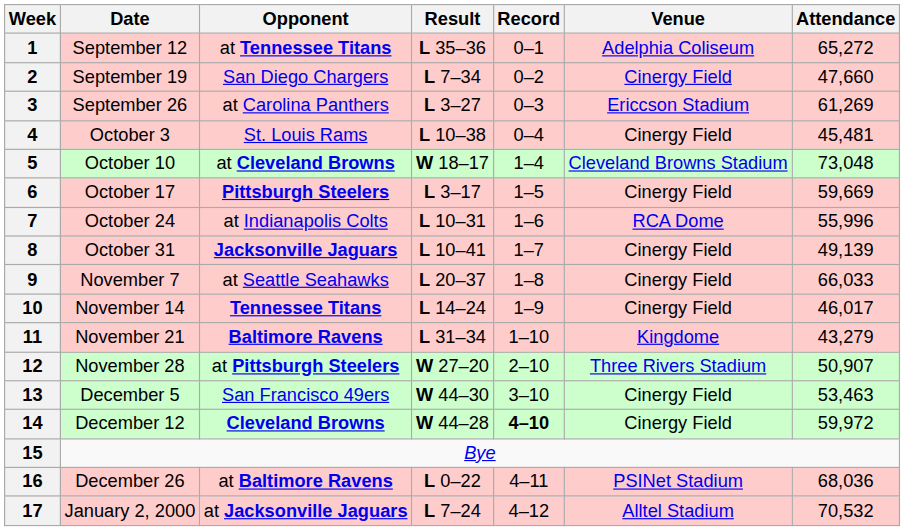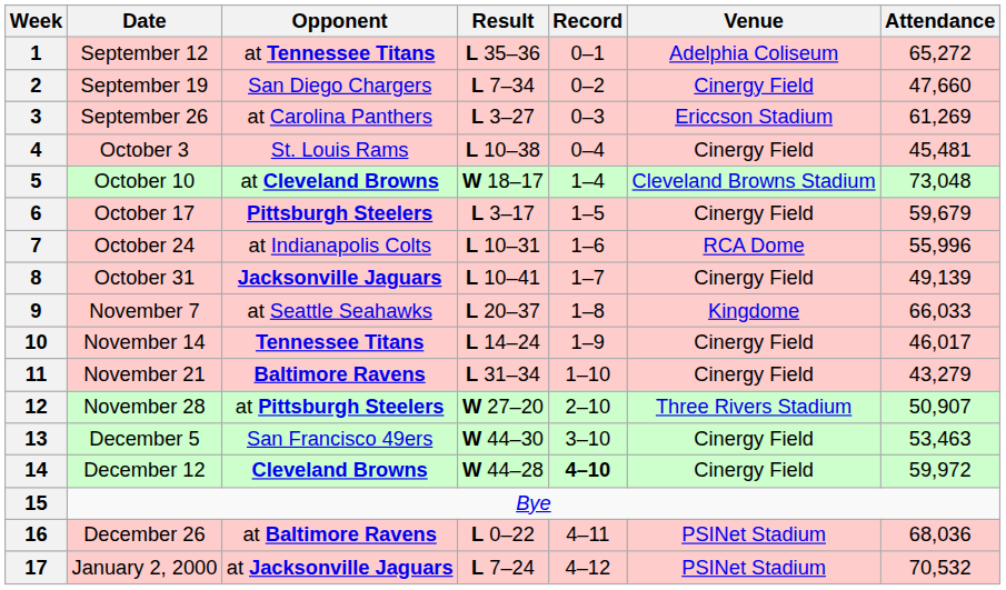 <table class="wikitable" style="text-align:center">
 <tr>
 <th>Week</th>
 <th>Date</th>
 <th>Opponent</th>
 <th>Result</th>
 <th>Record</th>
 <th>Venue</th>
 <th>Attendance</th>
 </tr>
 <tr style="background:#fcc">
 <th>1</th>
 <td>September 12</td>
 <td>at <strong><a href='#'>Tennessee Titans</a></strong></td>
 <td><strong>L</strong> 35–36</td>
 <td>0–1</td>
 <td><a href='#'>Adelphia Coliseum</a></td>
 <td>65,272</td>
 </tr>
 <tr style="background:#fcc">
 <th>2</th>
 <td>September 19</td>
 <td><a href='#'>San Diego Chargers</a></td>
 <td><strong>L</strong> 7–34</td>
 <td>0–2</td>
 <td><a href='#'>Cinergy Field</a></td>
 <td>47,660</td>
 </tr>
 <tr style="background:#fcc">
 <th>3</th>
 <td>September 26</td>
 <td>at <a href='#'>Carolina Panthers</a></td>
 <td><strong>L</strong> 3–27</td>
 <td>0–3</td>
 <td><a href='#'>Ericcson Stadium</a></td>
 <td>61,269</td>
 </tr>
 <tr style="background:#fcc">
 <th>4</th>
 <td>October 3</td>
 <td><a href='#'>St. Louis Rams</a></td>
 <td><strong>L</strong> 10–38</td>
 <td>0–4</td>
 <td>Cinergy Field</td>
 <td>45,481</td>
 </tr>
 <tr style="background:#cfc">
 <th>5</th>
 <td>October 10</td>
 <td>at <strong><a href='#'>Cleveland Browns</a></strong></td>
 <td><strong>W</strong> 18–17</td>
 <td>1–4</td>
 <td><a href='#'>Cleveland Browns Stadium</a></td>
 <td>73,048</td>
 </tr>
 <tr style="background:#fcc">
 <th>6</th>
 <td>October 17</td>
 <td><strong><a href='#'>Pittsburgh Steelers</a></strong></td>
 <td><strong>L</strong> 3–17</td>
 <td>1–5</td>
 <td>Cinergy Field</td>
-<td>59,669</td>
+<td>59,679</td>
 </tr>
 <tr style="background:#fcc">
 <th>7</th>
 <td>October 24</td>
 <td>at <a href='#'>Indianapolis Colts</a></td>
 <td><strong>L</strong> 10–31</td>
 <td>1–6</td>
 <td><a href='#'>RCA Dome</a></td>
 <td>55,996</td>
 </tr>
 <tr style="background:#fcc">
 <th>8</th>
 <td>October 31</td>
 <td><strong><a href='#'>Jacksonville Jaguars</a></strong></td>
 <td><strong>L</strong> 10–41</td>
 <td>1–7</td>
 <td>Cinergy Field</td>
 <td>49,139</td>
 </tr>
 <tr style="background:#fcc">
 <th>9</th>
 <td>November 7</td>
 <td>at <a href='#'>Seattle Seahawks</a></td>
 <td><strong>L</strong> 20–37</td>
 <td>1–8</td>
-<td>Cinergy Field</td>
+<td><a href='#'>Kingdome</a></td>
 <td>66,033</td>
 </tr>
 <tr style="background:#fcc">
 <th>10</th>
 <td>November 14</td>
 <td><strong><a href='#'>Tennessee Titans</a></strong></td>
 <td><strong>L</strong> 14–24</td>
 <td>1–9</td>
 <td>Cinergy Field</td>
 <td>46,017</td>
 </tr>
 <tr style="background:#fcc">
 <th>11</th>
 <td>November 21</td>
 <td><strong><a href='#'>Baltimore Ravens</a></strong></td>
 <td><strong>L</strong> 31–34</td>
 <td>1–10</td>
-<td><a href='#'>Kingdome</a></td>
+<td>Cinergy Field</td>
 <td>43,279</td>
 </tr>
 <tr style="background:#cfc">
 <th>12</th>
 <td>November 28</td>
 <td>at <strong><a href='#'>Pittsburgh Steelers</a></strong></td>
 <td><strong>W</strong> 27–20</td>
 <td>2–10</td>
 <td><a href='#'>Three Rivers Stadium</a></td>
 <td>50,907</td>
 </tr>
 <tr style="background:#cfc">
 <th>13</th>
 <td>December 5</td>
 <td><a href='#'>San Francisco 49ers</a></td>
 <td><strong>W</strong> 44–30</td>
 <td>3–10</td>
 <td>Cinergy Field</td>
 <td>53,463</td>
 </tr>
 <tr style="background:#cfc">
 <th>14</th>
 <td>December 12</td>
 <td><strong><a href='#'>Cleveland Browns</a></strong></td>
 <td><strong>W</strong> 44–28</td>
 <td><strong>4–10</strong></td>
 <td>Cinergy Field</td>
 <td>59,972</td>
 </tr>
 <tr>
 <th>15</th>
 <td colspan=6 align="center"><em><a href='#'>Bye</a></em></td>
 </tr>
 <tr style="background:#fcc">
 <th>16</th>
 <td>December 26</td>
 <td>at <strong><a href='#'>Baltimore Ravens</a></strong></td>
 <td><strong>L</strong> 0–22</td>
 <td>4–11</td>
 <td><a href='#'>PSINet Stadium</a></td>
 <td>68,036</td>
 </tr>
 <tr style="background:#fcc">
 <th>17</th>
 <td>January 2, 2000</td>
 <td>at <strong><a href='#'>Jacksonville Jaguars</a></strong></td>
 <td><strong>L</strong> 7–24</td>
 <td>4–12</td>
-<td><a href='#'>Alltel Stadium</a></td>
+<td><a href='#'>PSINet Stadium</a></td>
 <td>70,532</td>
 </tr>
 </table>
